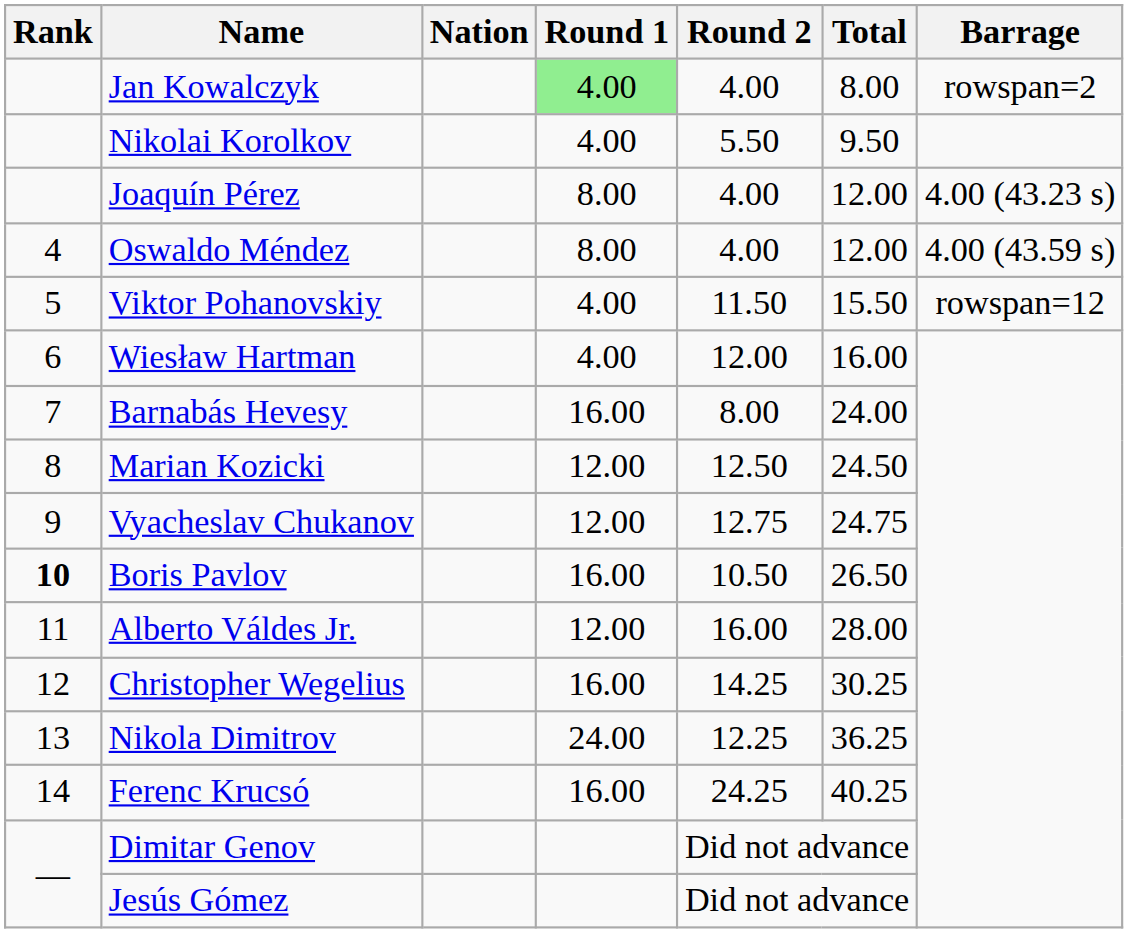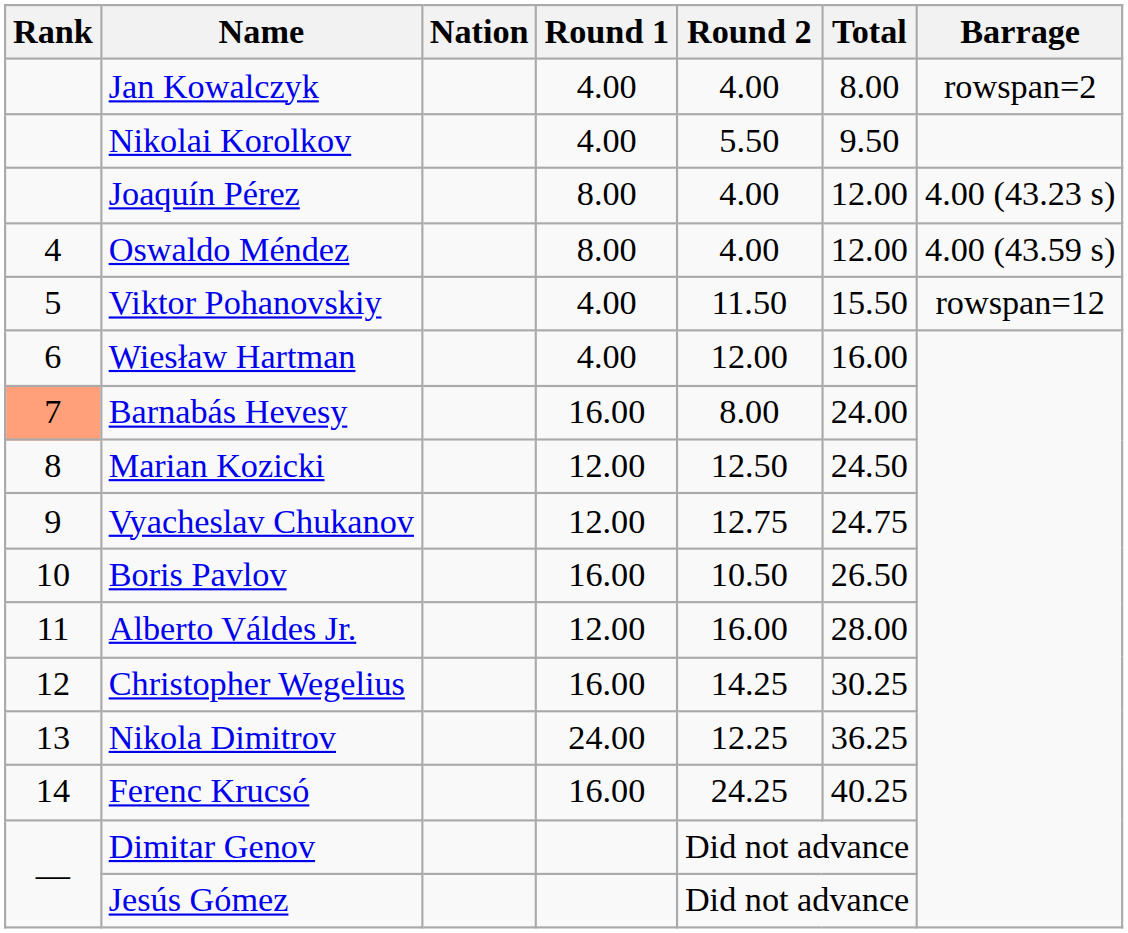 <table class="wikitable sortable" style="text-align:center">
 <tr>
 <th>Rank</th>
 <th>Name</th>
 <th>Nation</th>
 <th>Round 1</th>
 <th>Round 2</th>
 <th>Total</th>
 <th class=unsortable>Barrage</th>
 </tr>
 <tr>
 <td></td>
 <td align="left"><a href='#'>Jan Kowalczyk</a></td>
 <td align="left"></td>
-<td style="background: lightgreen;">4.00</td>
+<td>4.00</td>
 <td>4.00</td>
 <td>8.00</td>
 <td>rowspan=2 </td>
 </tr>
 <tr>
 <td></td>
 <td align="left"><a href='#'>Nikolai Korolkov</a></td>
 <td align="left"></td>
 <td>4.00</td>
 <td>5.50</td>
 <td>9.50</td>
 </tr>
 <tr>
 <td></td>
 <td align="left"><a href='#'>Joaquín Pérez</a></td>
 <td align="left"></td>
 <td>8.00</td>
 <td>4.00</td>
 <td>12.00</td>
 <td>4.00 (43.23 s)</td>
 </tr>
 <tr>
 <td>4</td>
 <td align="left"><a href='#'>Oswaldo Méndez</a></td>
 <td align="left"></td>
 <td>8.00</td>
 <td>4.00</td>
 <td>12.00</td>
 <td>4.00 (43.59 s)</td>
 </tr>
 <tr>
 <td>5</td>
 <td align="left"><a href='#'>Viktor Pohanovskiy</a></td>
 <td align="left"></td>
 <td>4.00</td>
 <td>11.50</td>
 <td>15.50</td>
 <td>rowspan=12 </td>
 </tr>
 <tr>
 <td>6</td>
 <td align="left"><a href='#'>Wiesław Hartman</a></td>
 <td align="left"></td>
 <td>4.00</td>
 <td>12.00</td>
 <td>16.00</td>
 </tr>
 <tr>
-<td>7</td>
+<td style="background: lightsalmon;">7</td>
 <td align="left"><a href='#'>Barnabás Hevesy</a></td>
 <td align="left"></td>
 <td>16.00</td>
 <td>8.00</td>
 <td>24.00</td>
 </tr>
 <tr>
 <td>8</td>
 <td align="left"><a href='#'>Marian Kozicki</a></td>
 <td align="left"></td>
 <td>12.00</td>
 <td>12.50</td>
 <td>24.50</td>
 </tr>
 <tr>
 <td>9</td>
 <td align="left"><a href='#'>Vyacheslav Chukanov</a></td>
 <td align="left"></td>
 <td>12.00</td>
 <td>12.75</td>
 <td>24.75</td>
 </tr>
 <tr>
-<td><strong>10</strong></td>
+<td>10</td>
 <td align="left"><a href='#'>Boris Pavlov</a></td>
 <td align="left"></td>
 <td>16.00</td>
 <td>10.50</td>
 <td>26.50</td>
 </tr>
 <tr>
 <td>11</td>
 <td align="left"><a href='#'>Alberto Váldes Jr.</a></td>
 <td align="left"></td>
 <td>12.00</td>
 <td>16.00</td>
 <td>28.00</td>
 </tr>
 <tr>
 <td>12</td>
 <td align="left"><a href='#'>Christopher Wegelius</a></td>
 <td align="left"></td>
 <td>16.00</td>
 <td>14.25</td>
 <td>30.25</td>
 </tr>
 <tr>
 <td>13</td>
 <td align="left"><a href='#'>Nikola Dimitrov</a></td>
 <td align="left"></td>
 <td>24.00</td>
 <td>12.25</td>
 <td>36.25</td>
 </tr>
 <tr>
 <td>14</td>
 <td align="left"><a href='#'>Ferenc Krucsó</a></td>
 <td align="left"></td>
 <td>16.00</td>
 <td>24.25</td>
 <td>40.25</td>
 </tr>
 <tr>
 <td data-sort-value=15 rowspan=2>—</td>
 <td align="left"><a href='#'>Dimitar Genov</a></td>
 <td align="left"></td>
 <td data-sort-value=100></td>
 <td colspan=2 data-sort-value=100>Did not advance</td>
 </tr>
 <tr>
 <td align="left"><a href='#'>Jesús Gómez</a></td>
 <td align="left"></td>
 <td data-sort-value=100></td>
 <td colspan=2 data-sort-value=100>Did not advance</td>
 </tr>
 </table>
